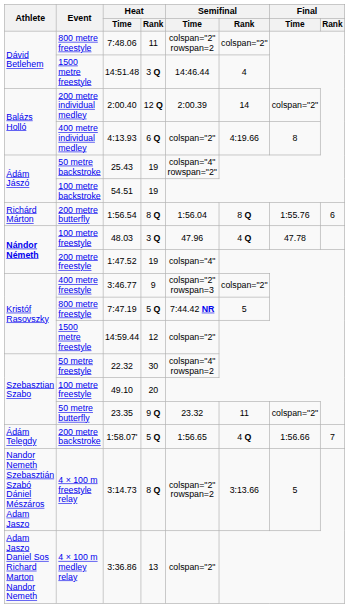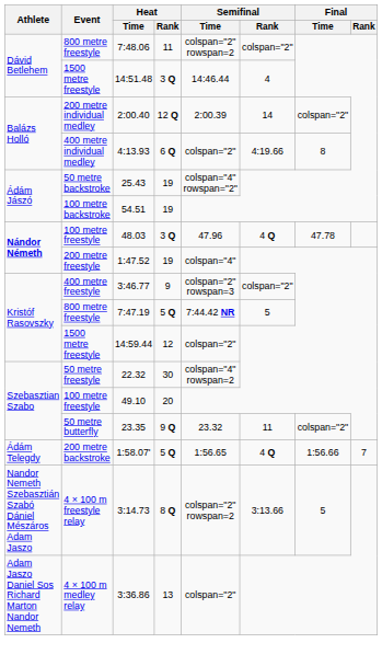 <table class="wikitable" style="text-align:center; font-size:90%; width:50%;">
 <tr>
 <th rowspan="2">Athlete</th>
 <th rowspan="2">Event</th>
 <th colspan="2">Heat</th>
 <th colspan="2">Semifinal</th>
 <th colspan="2">Final</th>
 </tr>
 <tr style="font-size:95%">
 <th>Time</th>
 <th>Rank</th>
 <th>Time</th>
 <th>Rank</th>
 <th>Time</th>
 <th>Rank</th>
 </tr>
 <tr align=center>
 <td align=left rowspan=2><a href='#'>Dávid Betlehem</a></td>
 <td align=left><a href='#'>800 metre freestyle</a></td>
 <td>7:48.06</td>
 <td>11</td>
 <td>colspan="2" rowspan=2 </td>
 <td>colspan="2" </td>
 </tr>
 <tr align=center>
 <td align=left><a href='#'>1500 metre freestyle</a></td>
 <td>14:51.48</td>
 <td>3 <strong>Q</strong></td>
 <td>14:46.44</td>
 <td>4</td>
 </tr>
 <tr align=center>
 <td align=left rowspan="2"><a href='#'>Balázs Holló</a></td>
 <td align=left><a href='#'>200 metre individual medley</a></td>
 <td>2:00.40</td>
 <td>12 <strong>Q</strong></td>
 <td>2:00.39</td>
 <td>14</td>
 <td>colspan="2" </td>
 </tr>
 <tr align=center>
 <td align=left><a href='#'>400 metre individual medley</a></td>
 <td>4:13.93</td>
 <td>6 <strong>Q</strong></td>
 <td>colspan="2"  </td>
 <td>4:19.66</td>
 <td>8</td>
 </tr>
 <tr align=center>
 <td align=left rowspan="2"><a href='#'>Ádám Jászó</a></td>
 <td align=left><a href='#'>50 metre backstroke</a></td>
 <td>25.43</td>
 <td>19</td>
 <td>colspan="4" rowspan="2" </td>
 </tr>
 <tr align=center>
 <td align=left><a href='#'>100 metre backstroke</a></td>
 <td>54.51</td>
 <td>19</td>
-</tr>
-<tr align=center>
-<td align=left><a href='#'>Richárd Márton</a></td>
-<td align=left><a href='#'>200 metre butterfly</a></td>
-<td>1:56.54</td>
-<td>8 <strong>Q</strong></td>
-<td>1:56.04</td>
-<td>8 <strong>Q</strong></td>
-<td>1:55.76</td>
-<td>6</td>
 </tr>
 <tr align=center>
 <td align=left rowspan="2"><strong><a href='#'>Nándor Németh</a></strong></td>
 <td align=left><a href='#'>100 metre freestyle</a></td>
 <td>48.03</td>
 <td>3 <strong>Q</strong></td>
 <td>47.96</td>
 <td>4 <strong>Q</strong></td>
 <td>47.78</td>
 <td></td>
 </tr>
 <tr align=center>
 <td align=left><a href='#'>200 metre freestyle</a></td>
 <td>1:47.52</td>
 <td>19</td>
 <td>colspan="4"  </td>
 </tr>
 <tr align=center>
 <td align=left rowspan=3><a href='#'>Kristóf Rasovszky</a></td>
 <td align=left><a href='#'>400 metre freestyle</a></td>
 <td>3:46.77</td>
 <td>9</td>
 <td>colspan="2" rowspan=3 </td>
 <td>colspan="2" </td>
 </tr>
 <tr align=center>
 <td align=left><a href='#'>800 metre freestyle</a></td>
 <td>7:47.19</td>
 <td>5 <strong>Q</strong></td>
 <td>7:44.42 <strong><a href='#'>NR</a></strong></td>
 <td>5</td>
 </tr>
 <tr align=center>
 <td align=left><a href='#'>1500 metre freestyle</a></td>
 <td>14:59.44</td>
 <td>12</td>
 <td>colspan="2" </td>
 </tr>
 <tr align=center>
 <td align=left rowspan=3><a href='#'>Szebasztian Szabo</a></td>
 <td align=left><a href='#'>50 metre freestyle</a></td>
 <td>22.32</td>
 <td>30</td>
 <td>colspan="4" rowspan=2 </td>
 </tr>
 <tr align=center>
 <td align=left><a href='#'>100 metre freestyle</a></td>
 <td>49.10</td>
 <td>20</td>
 </tr>
 <tr align=center>
 <td align=left><a href='#'>50 metre butterfly</a></td>
 <td>23.35</td>
 <td>9 <strong>Q</strong></td>
 <td>23.32</td>
 <td>11</td>
 <td>colspan="2" </td>
 </tr>
 <tr align=center>
 <td align=left><a href='#'>Ádám Telegdy</a></td>
 <td align=left><a href='#'>200 metre backstroke</a></td>
 <td>1:58.07'</td>
 <td>5 <strong>Q</strong></td>
 <td>1:56.65</td>
 <td>4 <strong>Q</strong></td>
 <td>1:56.66</td>
 <td>7</td>
 </tr>
 <tr>
 <td align=left><a href='#'>Nandor Nemeth</a> <br><a href='#'>Szebasztián Szabó</a> <br><a href='#'>Dániel Mészáros</a> <br><a href='#'>Adam Jaszo</a></td>
 <td align=left><a href='#'>4 × 100 m freestyle relay</a></td>
 <td>3:14.73</td>
 <td>8 <strong>Q</strong></td>
 <td>colspan="2" rowspan=2 </td>
 <td>3:13.66</td>
 <td>5</td>
 </tr>
 <tr>
 <td align=left><a href='#'>Adam Jaszo</a> <br><a href='#'>Daniel Sos</a> <br><a href='#'>Richard Marton</a> <br><a href='#'>Nandor Nemeth</a></td>
 <td align=left><a href='#'>4 × 100 m medley relay</a></td>
 <td>3:36.86</td>
 <td>13</td>
 <td>colspan="2" </td>
 </tr>
 </table>
